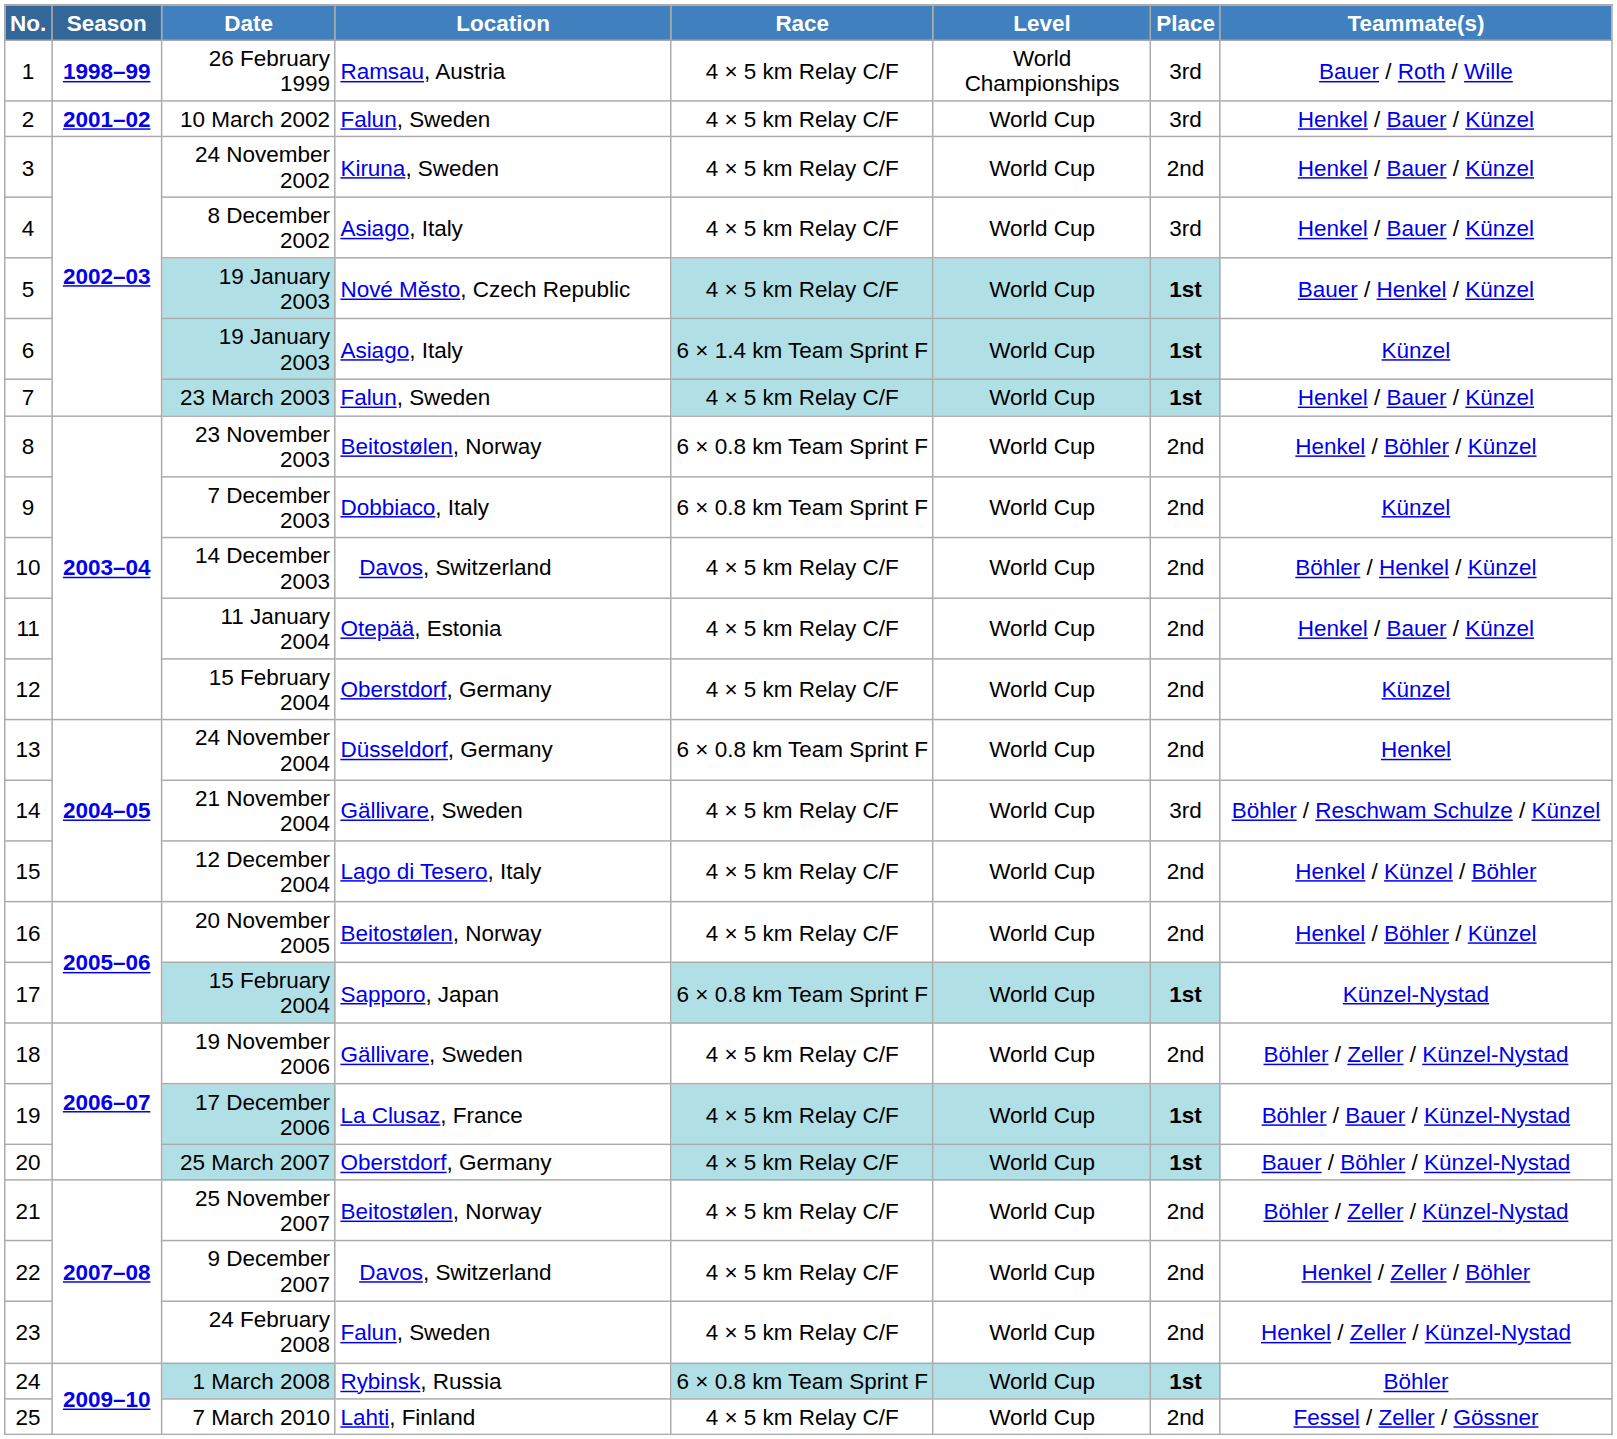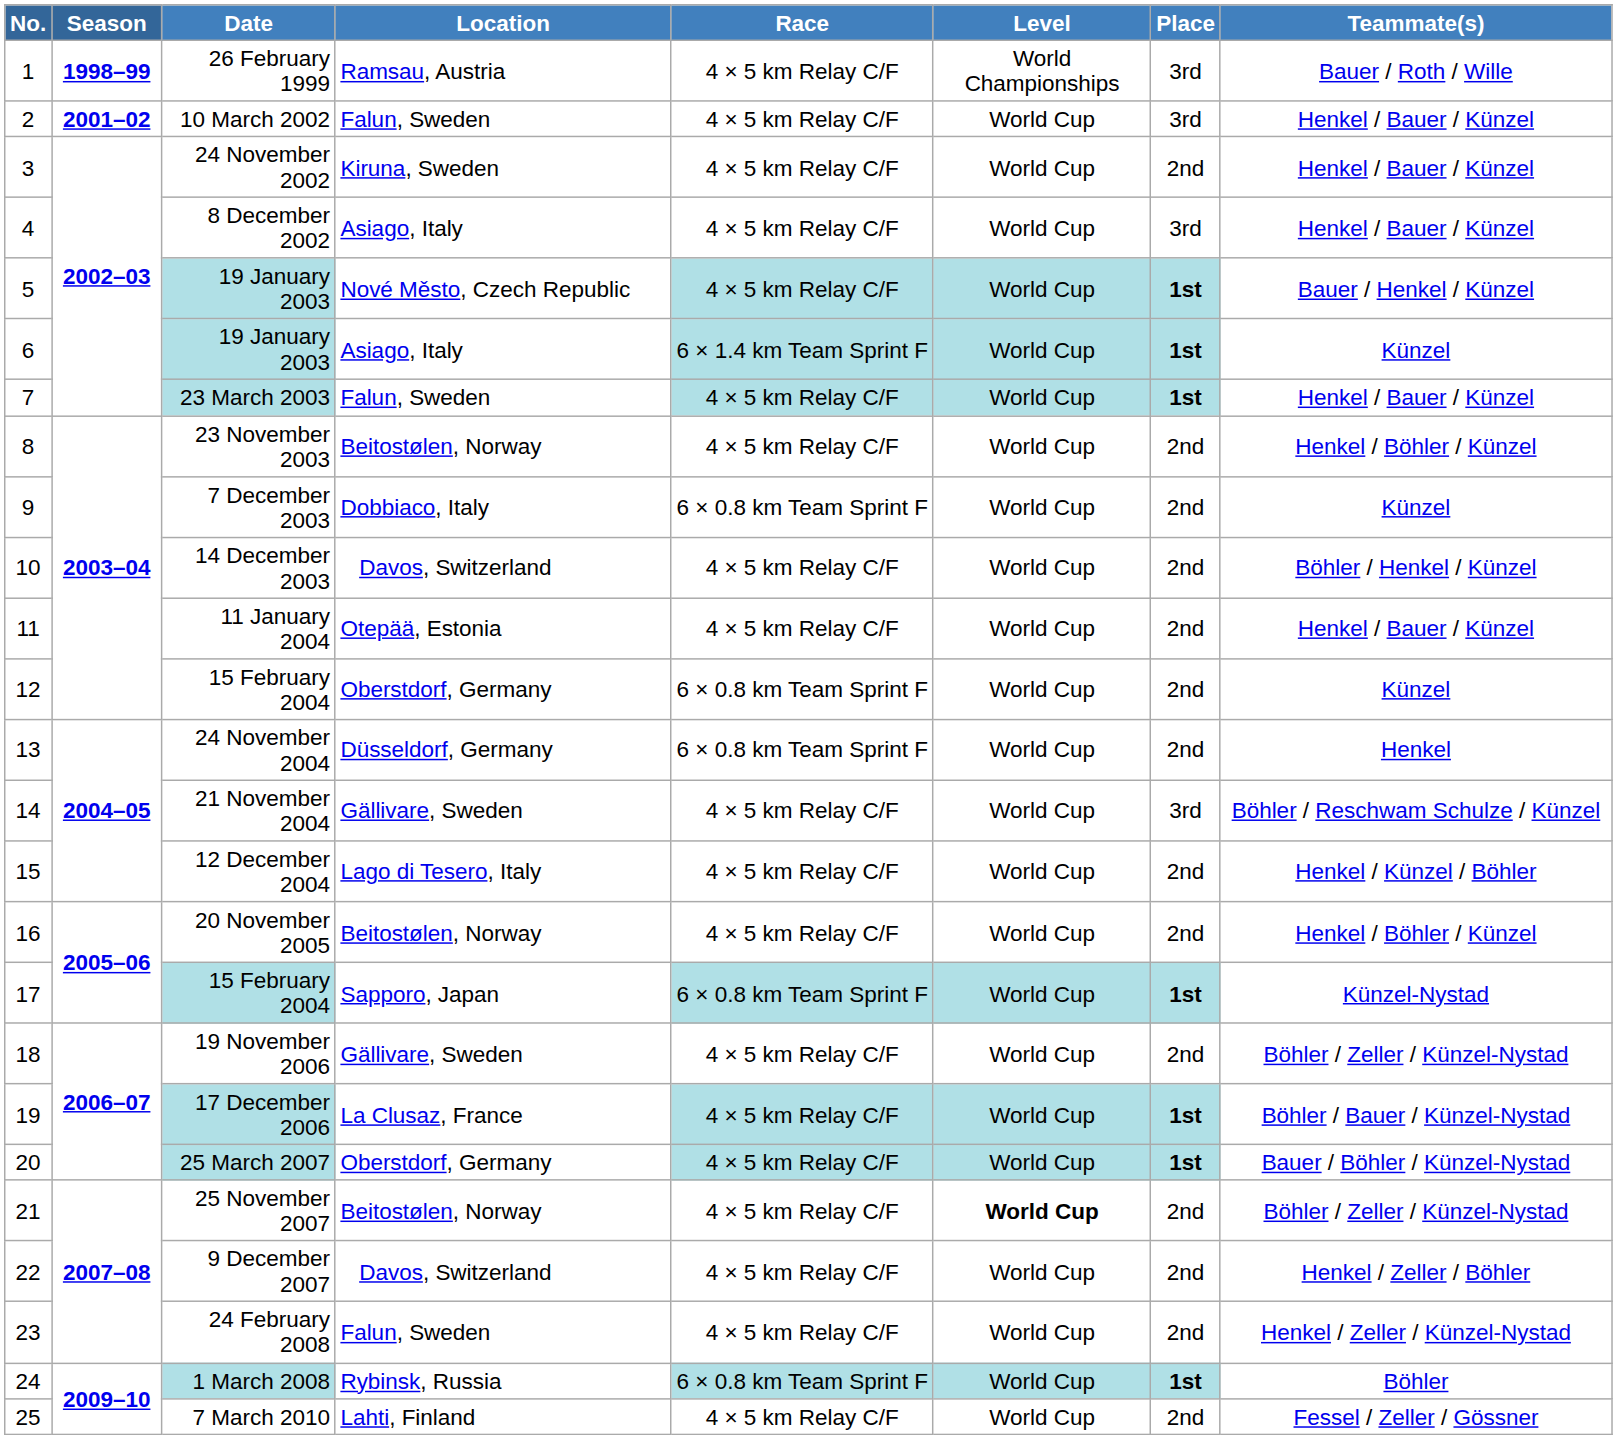 <table class="wikitable sortable" style="font-size:95%; text-align:center; border:grey solid 1px; border-collapse:collapse; background:#ffffff;">
 <tr style="background:#efefef;">
 <th style="background-color:#369; color:white;">No.</th>
 <th style="background-color:#369; color:white;">Season</th>
 <th style="background-color:#4180be; color:white; width:110px;">Date</th>
 <th style="background-color:#4180be; color:white; width:220px;">Location</th>
 <th style="background-color:#4180be; color:white; width:170px;">Race</th>
 <th style="background-color:#4180be; color:white; width:140px;">Level</th>
 <th style="background-color:#4180be; color:white;">Place</th>
 <th style="background-color:#4180be; color:white;">Teammate(s)</th>
 </tr>
 <tr>
 <td align=center>1</td>
 <td rowspan=1 align=center><strong><a href='#'>1998–99</a></strong></td>
 <td align=right>26 February 1999</td>
 <td align=left> <a href='#'>Ramsau</a>, Austria</td>
 <td>4 × 5 km Relay C/F</td>
 <td>World Championships</td>
 <td>3rd</td>
 <td><a href='#'>Bauer</a> / <a href='#'>Roth</a> / <a href='#'>Wille</a></td>
 </tr>
 <tr>
 <td align=center>2</td>
 <td rowspan=1 align=center><strong><a href='#'>2001–02</a></strong></td>
 <td align=right>10 March 2002</td>
 <td align=left> <a href='#'>Falun</a>, Sweden</td>
 <td>4 × 5 km Relay C/F</td>
 <td>World Cup</td>
 <td>3rd</td>
 <td><a href='#'>Henkel</a> / <a href='#'>Bauer</a> / <a href='#'>Künzel</a></td>
 </tr>
 <tr>
 <td align=center>3</td>
 <td rowspan=5 align=center><strong><a href='#'>2002–03</a></strong></td>
 <td align=right>24 November 2002</td>
 <td align=left> <a href='#'>Kiruna</a>, Sweden</td>
 <td>4 × 5 km Relay C/F</td>
 <td>World Cup</td>
 <td>2nd</td>
 <td><a href='#'>Henkel</a> / <a href='#'>Bauer</a> / <a href='#'>Künzel</a></td>
 </tr>
 <tr>
 <td align=center>4</td>
 <td align=right>8 December 2002</td>
 <td align=left> <a href='#'>Asiago</a>, Italy</td>
 <td>4 × 5 km Relay C/F</td>
 <td>World Cup</td>
 <td>3rd</td>
 <td><a href='#'>Henkel</a> / <a href='#'>Bauer</a> / <a href='#'>Künzel</a></td>
 </tr>
 <tr>
 <td align=center>5</td>
 <td bgcolor="#BOEOE6"  align=right>19 January 2003</td>
 <td align=left> <a href='#'>Nové Město</a>, Czech Republic</td>
 <td bgcolor="#BOEOE6">4 × 5 km Relay C/F</td>
 <td bgcolor="#BOEOE6">World Cup</td>
 <td bgcolor="#BOEOE6"><strong>1st</strong></td>
 <td><a href='#'>Bauer</a> / <a href='#'>Henkel</a> / <a href='#'>Künzel</a></td>
 </tr>
 <tr>
 <td align=center>6</td>
 <td bgcolor="#BOEOE6"  align=right>19 January 2003</td>
 <td align=left> <a href='#'>Asiago</a>, Italy</td>
 <td bgcolor="#BOEOE6">6 × 1.4 km Team Sprint F</td>
 <td bgcolor="#BOEOE6">World Cup</td>
 <td bgcolor="#BOEOE6"><strong>1st</strong></td>
 <td><a href='#'>Künzel</a></td>
 </tr>
 <tr>
 <td align=center>7</td>
 <td bgcolor="#BOEOE6"  align=right>23 March 2003</td>
 <td align=left> <a href='#'>Falun</a>, Sweden</td>
 <td bgcolor="#BOEOE6">4 × 5 km Relay C/F</td>
 <td bgcolor="#BOEOE6">World Cup</td>
 <td bgcolor="#BOEOE6"><strong>1st</strong></td>
 <td><a href='#'>Henkel</a> / <a href='#'>Bauer</a> / <a href='#'>Künzel</a></td>
 </tr>
 <tr>
 <td align=center>8</td>
 <td rowspan=5 align=center><strong><a href='#'>2003–04</a></strong></td>
 <td align=right>23 November 2003</td>
 <td align=left> <a href='#'>Beitostølen</a>, Norway</td>
-<td>6 × 0.8 km Team Sprint F</td>
+<td>4 × 5 km Relay C/F</td>
 <td>World Cup</td>
 <td>2nd</td>
 <td><a href='#'>Henkel</a> / <a href='#'>Böhler</a> / <a href='#'>Künzel</a></td>
 </tr>
 <tr>
 <td align=center>9</td>
 <td align=right>7 December 2003</td>
 <td align=left> <a href='#'>Dobbiaco</a>, Italy</td>
 <td>6 × 0.8 km Team Sprint F</td>
 <td>World Cup</td>
 <td>2nd</td>
 <td><a href='#'>Künzel</a></td>
 </tr>
 <tr>
 <td align=center>10</td>
 <td align=right>14 December 2003</td>
 <td align=left>   <a href='#'>Davos</a>, Switzerland</td>
 <td>4 × 5 km Relay C/F</td>
 <td>World Cup</td>
 <td>2nd</td>
 <td><a href='#'>Böhler</a> / <a href='#'>Henkel</a> / <a href='#'>Künzel</a></td>
 </tr>
 <tr>
 <td align=center>11</td>
 <td align=right>11 January 2004</td>
 <td align=left> <a href='#'>Otepää</a>, Estonia</td>
 <td>4 × 5 km Relay C/F</td>
 <td>World Cup</td>
 <td>2nd</td>
 <td><a href='#'>Henkel</a> / <a href='#'>Bauer</a> / <a href='#'>Künzel</a></td>
 </tr>
 <tr>
 <td align=center>12</td>
 <td align=right>15 February 2004</td>
 <td align=left> <a href='#'>Oberstdorf</a>, Germany</td>
-<td>4 × 5 km Relay C/F</td>
+<td>6 × 0.8 km Team Sprint F</td>
 <td>World Cup</td>
 <td>2nd</td>
 <td><a href='#'>Künzel</a></td>
 </tr>
 <tr>
 <td align=center>13</td>
 <td rowspan=3 align=center><strong><a href='#'>2004–05</a></strong></td>
 <td align=right>24 November 2004</td>
 <td align=left> <a href='#'>Düsseldorf</a>, Germany</td>
 <td>6 × 0.8 km Team Sprint F</td>
 <td>World Cup</td>
 <td>2nd</td>
 <td><a href='#'>Henkel</a></td>
 </tr>
 <tr>
 <td align=center>14</td>
 <td align=right>21 November 2004</td>
 <td align=left> <a href='#'>Gällivare</a>, Sweden</td>
 <td>4 × 5 km Relay C/F</td>
 <td>World Cup</td>
 <td>3rd</td>
 <td> <a href='#'>Böhler</a> / <a href='#'>Reschwam Schulze</a> / <a href='#'>Künzel</a> </td>
 </tr>
 <tr>
 <td align=center>15</td>
 <td align=right>12 December 2004</td>
 <td align=left> <a href='#'>Lago di Tesero</a>, Italy</td>
 <td>4 × 5 km Relay C/F</td>
 <td>World Cup</td>
 <td>2nd</td>
 <td><a href='#'>Henkel</a> / <a href='#'>Künzel</a> / <a href='#'>Böhler</a></td>
 </tr>
 <tr>
 <td align=center>16</td>
 <td rowspan=2 align=center><strong> <a href='#'>2005–06</a> </strong></td>
 <td align=right>20 November 2005</td>
 <td align=left> <a href='#'>Beitostølen</a>, Norway</td>
 <td>4 × 5 km Relay C/F</td>
 <td>World Cup</td>
 <td>2nd</td>
 <td><a href='#'>Henkel</a> / <a href='#'>Böhler</a> /  <a href='#'>Künzel</a></td>
 </tr>
 <tr>
 <td align=center>17</td>
 <td bgcolor="#BOEOE6"  align=right>15 February 2004</td>
 <td align=left> <a href='#'>Sapporo</a>, Japan</td>
 <td bgcolor="#BOEOE6">6 × 0.8 km Team Sprint F</td>
 <td bgcolor="#BOEOE6">World Cup</td>
 <td bgcolor="#BOEOE6"><strong>1st</strong></td>
 <td><a href='#'>Künzel-Nystad</a></td>
 </tr>
 <tr>
 <td align=center>18</td>
 <td rowspan=3 align=center><strong><a href='#'>2006–07</a></strong></td>
 <td align=right>19 November 2006</td>
 <td align=left> <a href='#'>Gällivare</a>, Sweden</td>
 <td>4 × 5 km Relay C/F</td>
 <td>World Cup</td>
 <td>2nd</td>
 <td><a href='#'>Böhler</a> / <a href='#'>Zeller</a> / <a href='#'>Künzel-Nystad</a></td>
 </tr>
 <tr>
 <td align=center>19</td>
 <td bgcolor="#BOEOE6"  align=right>17 December 2006</td>
 <td align=left> <a href='#'>La Clusaz</a>, France</td>
 <td bgcolor="#BOEOE6">4 × 5 km Relay C/F</td>
 <td bgcolor="#BOEOE6">World Cup</td>
 <td bgcolor="#BOEOE6"><strong>1st</strong></td>
 <td><a href='#'>Böhler</a> / <a href='#'>Bauer</a> / <a href='#'>Künzel-Nystad</a></td>
 </tr>
 <tr>
 <td align=center>20</td>
 <td bgcolor="#BOEOE6"  align=right>25 March 2007</td>
 <td align=left> <a href='#'>Oberstdorf</a>, Germany</td>
 <td bgcolor="#BOEOE6">4 × 5 km Relay C/F</td>
 <td bgcolor="#BOEOE6">World Cup</td>
 <td bgcolor="#BOEOE6"><strong>1st</strong></td>
 <td><a href='#'>Bauer</a> / <a href='#'>Böhler</a> / <a href='#'>Künzel-Nystad</a></td>
 </tr>
 <tr>
 <td align=center>21</td>
 <td rowspan=3 align=center><strong><a href='#'>2007–08</a></strong></td>
 <td align=right>25 November 2007</td>
 <td align=left> <a href='#'>Beitostølen</a>, Norway</td>
 <td>4 × 5 km Relay C/F</td>
-<td>World Cup</td>
+<td><strong>World Cup</strong></td>
 <td>2nd</td>
 <td><a href='#'>Böhler</a> / <a href='#'>Zeller</a> / <a href='#'>Künzel-Nystad</a></td>
 </tr>
 <tr>
 <td align=center>22</td>
 <td align=right>9 December 2007</td>
 <td align=left>   <a href='#'>Davos</a>, Switzerland</td>
 <td>4 × 5 km Relay C/F</td>
 <td>World Cup</td>
 <td>2nd</td>
 <td><a href='#'>Henkel</a> / <a href='#'>Zeller</a> / <a href='#'>Böhler</a></td>
 </tr>
 <tr>
 <td align=center>23</td>
 <td align=right>24 February 2008</td>
 <td align=left> <a href='#'>Falun</a>, Sweden</td>
 <td>4 × 5 km Relay C/F</td>
 <td>World Cup</td>
 <td>2nd</td>
 <td><a href='#'>Henkel</a> / <a href='#'>Zeller</a> / <a href='#'>Künzel-Nystad</a></td>
 </tr>
 <tr>
 <td align=center>24</td>
 <td rowspan=2 align=center><strong><a href='#'>2009–10</a></strong></td>
 <td bgcolor="#BOEOE6"  align=right>1 March 2008</td>
 <td align=left> <a href='#'>Rybinsk</a>, Russia</td>
 <td bgcolor="#BOEOE6">6 × 0.8 km Team Sprint F</td>
 <td bgcolor="#BOEOE6">World Cup</td>
 <td bgcolor="#BOEOE6"><strong>1st</strong></td>
 <td><a href='#'>Böhler</a></td>
 </tr>
 <tr>
 <td align=center>25</td>
 <td align=right>7 March 2010</td>
 <td align=left> <a href='#'>Lahti</a>, Finland</td>
 <td>4 × 5 km Relay C/F</td>
 <td>World Cup</td>
 <td>2nd</td>
 <td><a href='#'>Fessel</a> / <a href='#'>Zeller</a> / <a href='#'>Gössner</a></td>
 </tr>
 </table>
